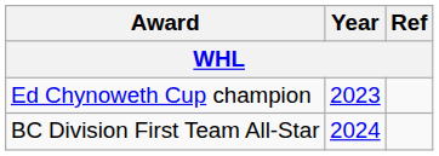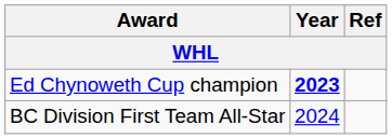 <table class="wikitable">
 <tr>
 <th>Award</th>
 <th>Year</th>
 <th>Ref</th>
 </tr>
 <tr>
 <th colspan="3"><a href='#'>WHL</a></th>
 </tr>
 <tr>
 <td><a href='#'>Ed Chynoweth Cup</a> champion</td>
-<td><a href='#'>2023</a></td>
+<td><strong><a href='#'>2023</a></strong></td>
 <td></td>
 </tr>
 <tr>
 <td>BC Division First Team All-Star</td>
 <td><a href='#'>2024</a></td>
 <td></td>
 </tr>
 </table>
